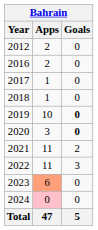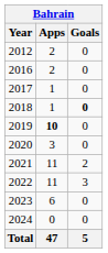 <table class="wikitable" style="text-align:center">
 <tr>
 <th colspan=3><a href='#'>Bahrain</a></th>
 </tr>
 <tr>
 <th>Year</th>
 <th>Apps</th>
 <th>Goals</th>
 </tr>
 <tr>
 <td>2012</td>
 <td>2</td>
 <td>0</td>
 </tr>
 <tr>
 <td>2016</td>
 <td>2</td>
 <td>0</td>
 </tr>
 <tr>
 <td>2017</td>
 <td>1</td>
 <td>0</td>
 </tr>
 <tr>
 <td>2018</td>
 <td>1</td>
-<td>0</td>
+<td><strong>0</strong></td>
 </tr>
 <tr>
 <td>2019</td>
-<td>10</td>
-<td><strong>0</strong></td>
+<td><strong>10</strong></td>
+<td>0</td>
 </tr>
 <tr>
 <td>2020</td>
 <td>3</td>
-<td><strong>0</strong></td>
+<td>0</td>
 </tr>
 <tr>
 <td>2021</td>
 <td>11</td>
 <td>2</td>
 </tr>
 <tr>
 <td>2022</td>
 <td>11</td>
 <td>3</td>
 </tr>
 <tr>
 <td>2023</td>
-<td style="background: lightsalmon;">6</td>
+<td>6</td>
 <td>0</td>
 </tr>
 <tr>
 <td>2024</td>
-<td style="background: pink;">0</td>
+<td>0</td>
 <td>0</td>
 </tr>
 <tr>
 <th>Total</th>
 <th>47</th>
 <th>5</th>
 </tr>
 </table>
